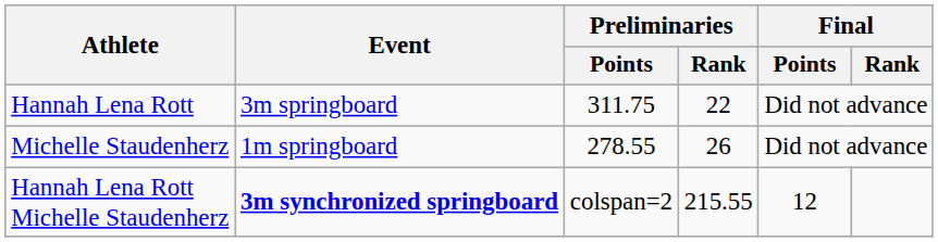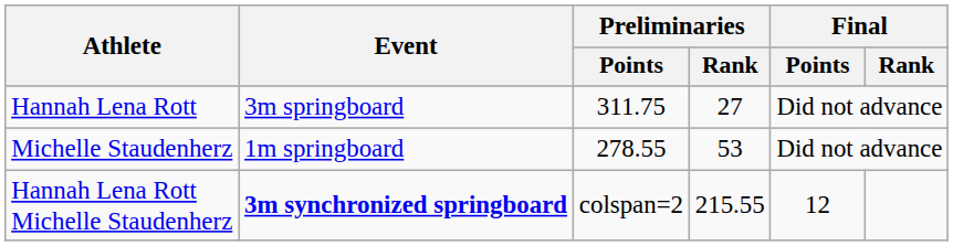 <table class=wikitable style="font-size:90%">
 <tr>
 <th rowspan="2">Athlete</th>
 <th rowspan="2">Event</th>
 <th colspan="2">Preliminaries</th>
 <th colspan="2">Final</th>
 </tr>
 <tr style="font-size:95%">
 <th>Points</th>
 <th>Rank</th>
 <th>Points</th>
 <th>Rank</th>
 </tr>
 <tr align=center>
 <td align=left><a href='#'>Hannah Lena Rott</a></td>
 <td align=left><a href='#'>3m springboard</a></td>
 <td>311.75</td>
-<td>22</td>
+<td>27</td>
 <td colspan=2>Did not advance</td>
 </tr>
 <tr align=center>
 <td align=left><a href='#'>Michelle Staudenherz</a></td>
 <td align=left><a href='#'>1m springboard</a></td>
 <td>278.55</td>
-<td>26</td>
+<td>53</td>
 <td colspan=2>Did not advance</td>
 </tr>
 <tr align=center>
 <td align=left><a href='#'>Hannah Lena Rott</a><br><a href='#'>Michelle Staudenherz</a></td>
 <td align=left><strong><a href='#'>3m synchronized springboard</a></strong></td>
 <td>colspan=2 </td>
 <td>215.55</td>
 <td>12</td>
 </tr>
 </table>
